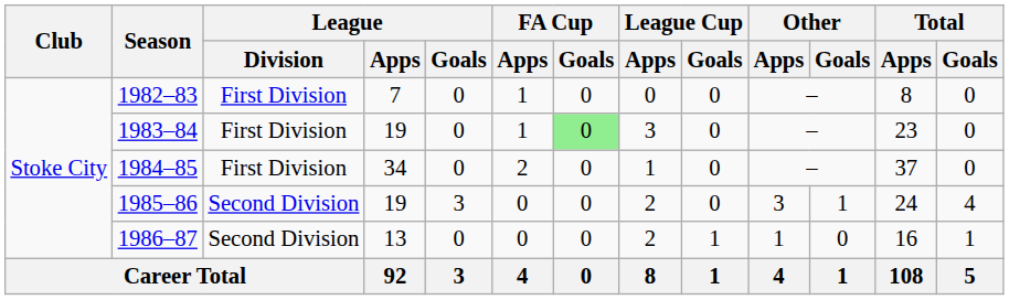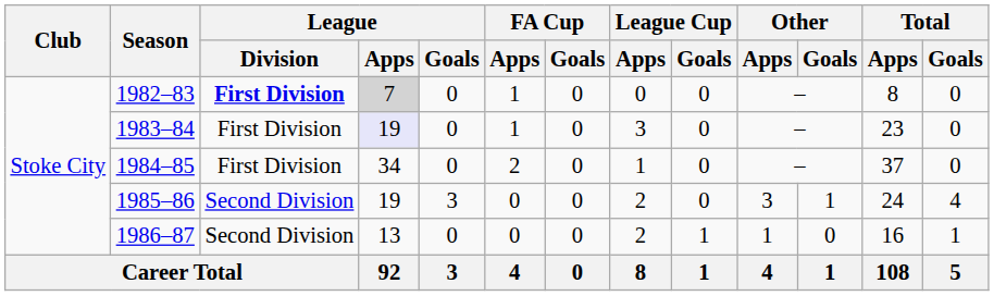 <table class="wikitable" style="text-align: center;">
 <tr>
 <th rowspan="2">Club</th>
 <th rowspan="2">Season</th>
 <th colspan="3">League</th>
 <th colspan="2">FA Cup</th>
 <th colspan="2">League Cup</th>
 <th colspan="2">Other</th>
 <th colspan="2">Total</th>
 </tr>
 <tr>
 <th>Division</th>
 <th>Apps</th>
 <th>Goals</th>
 <th>Apps</th>
 <th>Goals</th>
 <th>Apps</th>
 <th>Goals</th>
 <th>Apps</th>
 <th>Goals</th>
 <th>Apps</th>
 <th>Goals</th>
 </tr>
 <tr>
 <td rowspan="5"><a href='#'>Stoke City</a></td>
 <td><a href='#'>1982–83</a></td>
-<td><a href='#'>First Division</a></td>
-<td>7</td>
+<td><strong><a href='#'>First Division</a></strong></td>
+<td style="background: lightgrey;">7</td>
 <td>0</td>
 <td>1</td>
 <td>0</td>
 <td>0</td>
 <td>0</td>
 <td colspan="2">–</td>
 <td>8</td>
 <td>0</td>
 </tr>
 <tr>
 <td><a href='#'>1983–84</a></td>
 <td>First Division</td>
-<td>19</td>
+<td style="background: lavender;">19</td>
 <td>0</td>
 <td>1</td>
-<td style="background: lightgreen;">0</td>
+<td>0</td>
 <td>3</td>
 <td>0</td>
 <td colspan="2">–</td>
 <td>23</td>
 <td>0</td>
 </tr>
 <tr>
 <td><a href='#'>1984–85</a></td>
 <td>First Division</td>
 <td>34</td>
 <td>0</td>
 <td>2</td>
 <td>0</td>
 <td>1</td>
 <td>0</td>
 <td colspan="2">–</td>
 <td>37</td>
 <td>0</td>
 </tr>
 <tr>
 <td><a href='#'>1985–86</a></td>
 <td><a href='#'>Second Division</a></td>
 <td>19</td>
 <td>3</td>
 <td>0</td>
 <td>0</td>
 <td>2</td>
 <td>0</td>
 <td>3</td>
 <td>1</td>
 <td>24</td>
 <td>4</td>
 </tr>
 <tr>
 <td><a href='#'>1986–87</a></td>
 <td>Second Division</td>
 <td>13</td>
 <td>0</td>
 <td>0</td>
 <td>0</td>
 <td>2</td>
 <td>1</td>
 <td>1</td>
 <td>0</td>
 <td>16</td>
 <td>1</td>
 </tr>
 <tr>
 <th colspan="3">Career Total</th>
 <th>92</th>
 <th>3</th>
 <th>4</th>
 <th>0</th>
 <th>8</th>
 <th>1</th>
 <th>4</th>
 <th>1</th>
 <th>108</th>
 <th>5</th>
 </tr>
 </table>
